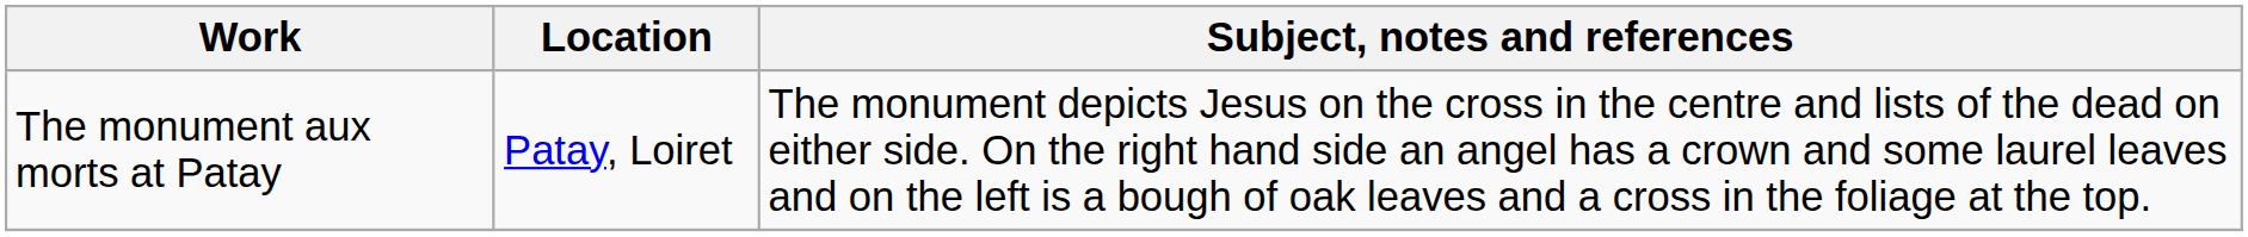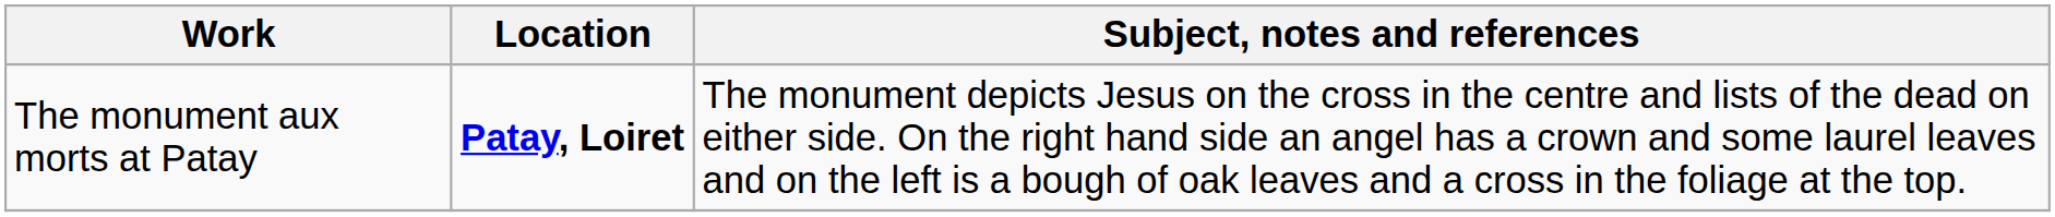 <table class="wikitable sortable">
 <tr>
 <th style="width:200px">Work</th>
 <th style="width:100px">Location</th>
 <th style="width:650px" class="unsortable">Subject, notes and references</th>
 </tr>
 <tr>
 <td>The monument aux morts at Patay</td>
-<td><a href='#'>Patay</a>, Loiret</td>
+<td><strong><a href='#'>Patay</a>, Loiret</strong></td>
 <td>The monument depicts Jesus on the cross in the centre and lists of the dead on either side. On the right hand side an angel has a crown and some laurel leaves and on the left is a bough of oak leaves and a cross in the foliage at the top.</td>
 </tr>
 <tr>
 </tr>
 </table>
